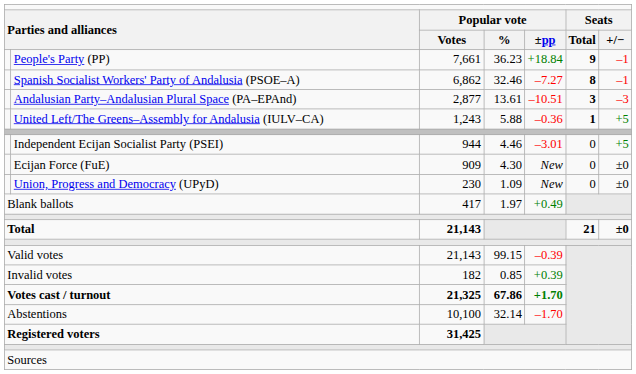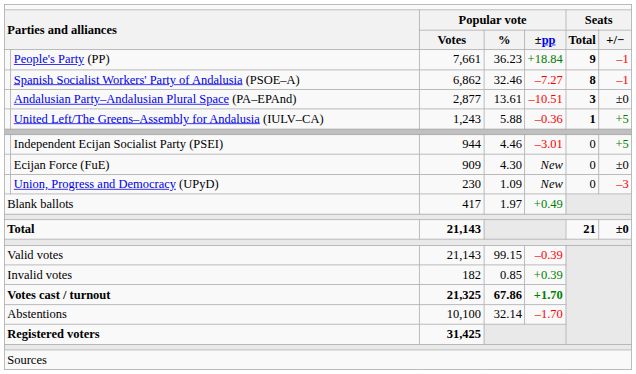 <table class="wikitable" style="text-align:right;">
 <tr>
 <td colspan="7"></td>
 </tr>
 <tr>
 <th style="text-align:left;" rowspan="2" colspan="2" width="525">Parties and alliances</th>
 <th colspan="3">Popular vote</th>
 <th colspan="2">Seats</th>
 </tr>
 <tr>
 <th width="75">Votes</th>
 <th width="45">%</th>
 <th width="45">±<a href='#'>pp</a></th>
 <th width="35">Total</th>
 <th width="35">+/−</th>
 </tr>
 <tr>
 <td width="1" style="color:inherit;background:"></td>
 <td align="left"><a href='#'>People's Party</a> (PP)</td>
 <td>7,661</td>
 <td>36.23</td>
 <td style="color:green;">+18.84</td>
 <td><strong>9</strong></td>
 <td style="color:red;">–1</td>
 </tr>
 <tr>
 <td style="color:inherit;background:"></td>
 <td align="left"><a href='#'>Spanish Socialist Workers' Party of Andalusia</a> (PSOE–A)</td>
 <td>6,862</td>
 <td>32.46</td>
 <td style="color:red;">–7.27</td>
 <td><strong>8</strong></td>
 <td style="color:red;">–1</td>
 </tr>
 <tr>
 <td style="color:inherit;background:"></td>
 <td align="left"><a href='#'>Andalusian Party–Andalusian Plural Space</a> (PA–EPAnd)</td>
 <td>2,877</td>
 <td>13.61</td>
 <td style="color:red;">–10.51</td>
 <td><strong>3</strong></td>
-<td style="color:red;">–3</td>
+<td>±0</td>
 </tr>
 <tr>
 <td style="color:inherit;background:"></td>
 <td align="left"><a href='#'>United Left/The Greens–Assembly for Andalusia</a> (IULV–CA)</td>
 <td>1,243</td>
 <td>5.88</td>
 <td style="color:red;">–0.36</td>
 <td><strong>1</strong></td>
 <td style="color:green;">+5</td>
 </tr>
 <tr>
 <td colspan="7" bgcolor="#C0C0C0"></td>
 </tr>
 <tr>
 <td style="color:inherit;background:"></td>
 <td align="left">Independent Ecijan Socialist Party (PSEI)</td>
 <td>944</td>
 <td>4.46</td>
 <td style="color:red;">–3.01</td>
 <td>0</td>
 <td style="color:green;">+5</td>
 </tr>
 <tr>
 <td style="color:inherit;background:"></td>
 <td align="left">Ecijan Force (FuE)</td>
 <td>909</td>
 <td>4.30</td>
 <td><em>New</em></td>
 <td>0</td>
 <td>±0</td>
 </tr>
 <tr>
 <td style="color:inherit;background:"></td>
 <td align="left"><a href='#'>Union, Progress and Democracy</a> (UPyD)</td>
 <td>230</td>
 <td>1.09</td>
 <td><em>New</em></td>
 <td>0</td>
-<td>±0</td>
+<td style="color:red;">–3</td>
 </tr>
 <tr>
 <td align="left" colspan="2">Blank ballots</td>
 <td>417</td>
 <td>1.97</td>
 <td style="color:green;">+0.49</td>
 <td bgcolor="#E9E9E9" colspan="2"></td>
 </tr>
 <tr>
 <td colspan="7" bgcolor="#E9E9E9"></td>
 </tr>
 <tr style="font-weight:bold;">
 <td align="left" colspan="2">Total</td>
 <td>21,143</td>
 <td bgcolor="#E9E9E9" colspan="2"></td>
 <td>21</td>
 <td>±0</td>
 </tr>
 <tr>
 <td colspan="7" bgcolor="#E9E9E9"></td>
 </tr>
 <tr>
 <td align="left" colspan="2">Valid votes</td>
 <td>21,143</td>
 <td>99.15</td>
 <td style="color:red;">–0.39</td>
 <td bgcolor="#E9E9E9" colspan="2" rowspan="5"></td>
 </tr>
 <tr>
 <td align="left" colspan="2">Invalid votes</td>
 <td>182</td>
 <td>0.85</td>
 <td style="color:green;">+0.39</td>
 </tr>
 <tr style="font-weight:bold;">
 <td align="left" colspan="2">Votes cast / turnout</td>
 <td>21,325</td>
 <td>67.86</td>
 <td style="color:green;">+1.70</td>
 </tr>
 <tr>
 <td align="left" colspan="2">Abstentions</td>
 <td>10,100</td>
 <td>32.14</td>
 <td style="color:red;">–1.70</td>
 </tr>
 <tr style="font-weight:bold;">
 <td align="left" colspan="2">Registered voters</td>
 <td>31,425</td>
 <td bgcolor="#E9E9E9" colspan="2"></td>
 </tr>
 <tr>
 <td colspan="7" bgcolor="#E9E9E9"></td>
 </tr>
 <tr>
 <td align="left" colspan="7">Sources</td>
 </tr>
 </table>
